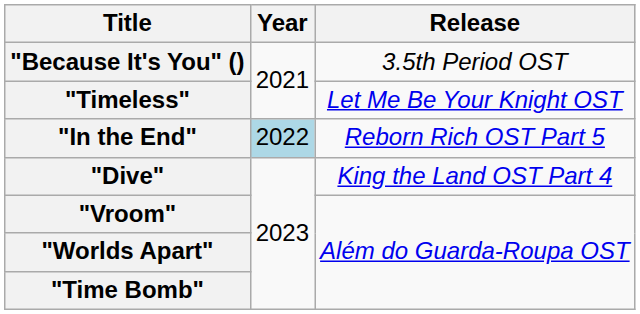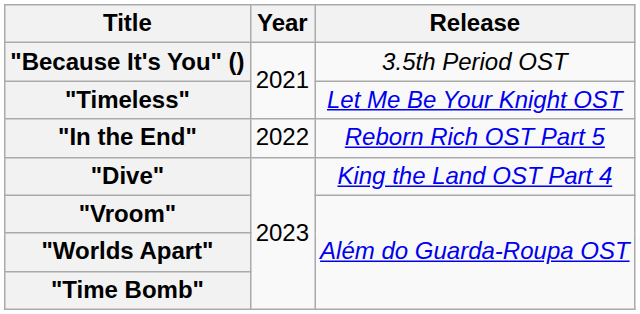 <table class="wikitable plainrowheaders" style="text-align:center">
 <tr>
 <th scope="col">Title</th>
 <th scope="col">Year</th>
 <th scope="col">Release</th>
 </tr>
 <tr>
 <th scope="row">"Because It's You" ()</th>
 <td rowspan="2">2021</td>
 <td><em>3.5th Period OST</em></td>
 </tr>
 <tr>
 <th scope="row">"Timeless"</th>
 <td><em><a href='#'>Let Me Be Your Knight OST</a></em></td>
 </tr>
 <tr>
 <th scope="row">"In the End"</th>
-<td style="background: lightblue;">2022</td>
+<td>2022</td>
 <td><em><a href='#'>Reborn Rich OST Part 5</a></em></td>
 </tr>
 <tr>
 <th scope="row">"Dive"</th>
 <td rowspan="4">2023</td>
 <td><em><a href='#'>King the Land OST Part 4</a></em></td>
 </tr>
 <tr>
 <th scope="row">"Vroom"<br></th>
 <td rowspan="3"><em><a href='#'>Além do Guarda-Roupa OST</a></em></td>
 </tr>
 <tr>
 <th scope="row">"Worlds Apart"<br></th>
 </tr>
 <tr>
 <th scope="row">"Time Bomb"<br></th>
 </tr>
 </table>
